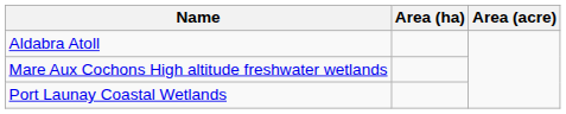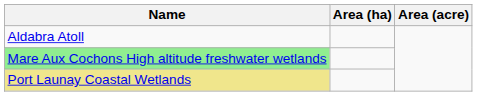 <table class="wikitable sortable">
 <tr>
 <th scope="col" align=left>Name</th>
 <th scope="col">Area (ha)</th>
 <th scope="col">Area (acre)</th>
 </tr>
 <tr ---->
 <td><a href='#'>Aldabra Atoll</a></td>
 <td></td>
 </tr>
 <tr ---->
-<td><a href='#'>Mare Aux Cochons High altitude freshwater wetlands</a></td>
+<td style="background: lightgreen;"><a href='#'>Mare Aux Cochons High altitude freshwater wetlands</a></td>
 <td></td>
 </tr>
 <tr ---->
-<td><a href='#'>Port Launay Coastal Wetlands</a></td>
+<td style="background: khaki;"><a href='#'>Port Launay Coastal Wetlands</a></td>
 <td></td>
 </tr>
 </table>
